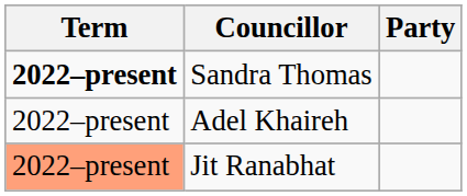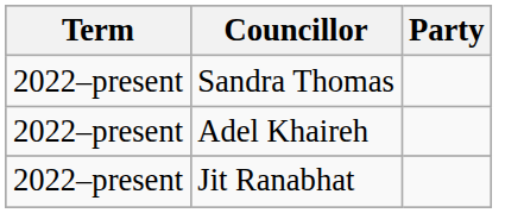 <table class="wikitable">
 <tr>
 <th>Term</th>
 <th>Councillor</th>
 <th colspan=2>Party</th>
 </tr>
 <tr>
-<td><strong>2022–present</strong></td>
+<td>2022–present</td>
 <td>Sandra Thomas</td>
 <td></td>
 </tr>
 <tr>
 <td>2022–present</td>
 <td>Adel Khaireh</td>
 <td></td>
 </tr>
 <tr>
-<td style="background: lightsalmon;">2022–present</td>
+<td>2022–present</td>
 <td>Jit Ranabhat</td>
 <td></td>
 </tr>
 </table>
